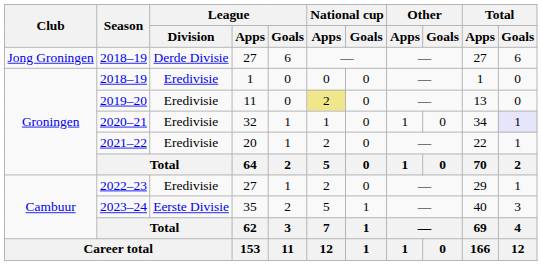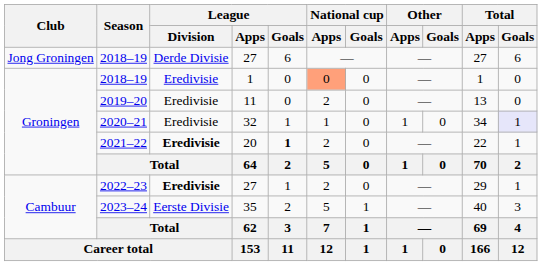 <table class="wikitable" style="text-align:center">
 <tr>
 <th rowspan="2">Club</th>
 <th rowspan="2">Season</th>
 <th colspan="3">League</th>
 <th colspan="2">National cup</th>
 <th colspan="2">Other</th>
 <th colspan="2">Total</th>
 </tr>
 <tr>
 <th>Division</th>
 <th>Apps</th>
 <th>Goals</th>
 <th>Apps</th>
 <th>Goals</th>
 <th>Apps</th>
 <th>Goals</th>
 <th>Apps</th>
 <th>Goals</th>
 </tr>
 <tr>
 <td><a href='#'>Jong Groningen</a></td>
 <td><a href='#'>2018–19</a></td>
 <td><a href='#'>Derde Divisie</a></td>
 <td>27</td>
 <td>6</td>
 <td colspan="2">—</td>
 <td colspan="2">—</td>
 <td>27</td>
 <td>6</td>
 </tr>
 <tr>
 <td rowspan="5"><a href='#'>Groningen</a></td>
 <td><a href='#'>2018–19</a></td>
 <td><a href='#'>Eredivisie</a></td>
 <td>1</td>
 <td>0</td>
-<td>0</td>
+<td style="background: lightsalmon;">0</td>
 <td>0</td>
 <td colspan="2">—</td>
 <td>1</td>
 <td>0</td>
 </tr>
 <tr>
 <td><a href='#'>2019–20</a></td>
 <td>Eredivisie</td>
 <td>11</td>
 <td>0</td>
-<td style="background: khaki;">2</td>
+<td>2</td>
 <td>0</td>
 <td colspan="2">—</td>
 <td>13</td>
 <td>0</td>
 </tr>
 <tr>
 <td><a href='#'>2020–21</a></td>
 <td>Eredivisie</td>
 <td>32</td>
 <td>1</td>
 <td>1</td>
 <td>0</td>
 <td>1</td>
 <td>0</td>
 <td>34</td>
 <td style="background: lavender;">1</td>
 </tr>
 <tr>
 <td><a href='#'>2021–22</a></td>
-<td>Eredivisie</td>
+<td><strong>Eredivisie</strong></td>
 <td>20</td>
-<td>1</td>
+<td><strong>1</strong></td>
 <td>2</td>
 <td>0</td>
 <td colspan="2">—</td>
 <td>22</td>
 <td>1</td>
 </tr>
 <tr>
 <th colspan="2">Total</th>
 <th>64</th>
 <th>2</th>
 <th>5</th>
 <th>0</th>
 <th>1</th>
 <th>0</th>
 <th>70</th>
 <th>2</th>
 </tr>
 <tr>
 <td rowspan="3"><a href='#'>Cambuur</a></td>
 <td><a href='#'>2022–23</a></td>
-<td>Eredivisie</td>
+<td><strong>Eredivisie</strong></td>
 <td>27</td>
 <td>1</td>
 <td>2</td>
 <td>0</td>
 <td colspan="2">—</td>
 <td>29</td>
 <td>1</td>
 </tr>
 <tr>
 <td><a href='#'>2023–24</a></td>
 <td><a href='#'>Eerste Divisie</a></td>
 <td>35</td>
 <td>2</td>
 <td>5</td>
 <td>1</td>
 <td colspan="2">—</td>
 <td>40</td>
 <td>3</td>
 </tr>
 <tr>
 <th colspan="2">Total</th>
 <th>62</th>
 <th>3</th>
 <th>7</th>
 <th>1</th>
 <th colspan="2">—</th>
 <th>69</th>
 <th>4</th>
 </tr>
 <tr>
 <th colspan="3">Career total</th>
 <th>153</th>
 <th>11</th>
 <th>12</th>
 <th>1</th>
 <th>1</th>
 <th>0</th>
 <th>166</th>
 <th>12</th>
 </tr>
 </table>
